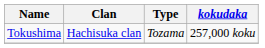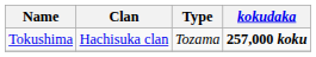 <table class="wikitable">
 <tr>
 <th>Name</th>
 <th>Clan</th>
 <th>Type</th>
 <th><em><a href='#'>kokudaka</a></em></th>
 </tr>
 <tr>
 <td> <a href='#'>Tokushima</a></td>
 <td><a href='#'>Hachisuka clan</a></td>
 <td><em>Tozama</em></td>
-<td>257,000 <em>koku</em></td>
+<td><strong>257,000 <em>koku</em></strong></td>
 </tr>
 <tr>
 </tr>
 </table>
